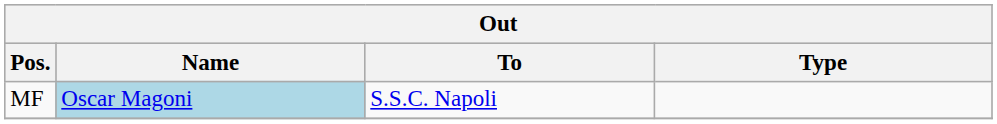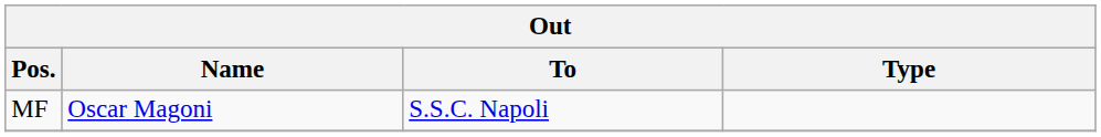 <table class="wikitable" style="font-size:90%;width:99%;">
 <tr>
 <th colspan="4">Out</th>
 </tr>
 <tr>
 <th width=3%>Pos.</th>
 <th width=32%>Name</th>
 <th width=30%>To</th>
 <th width=35%>Type</th>
 </tr>
 <tr>
 <td>MF</td>
-<td style="background: lightblue;"><a href='#'>Oscar Magoni</a></td>
+<td><a href='#'>Oscar Magoni</a></td>
 <td><a href='#'>S.S.C. Napoli</a></td>
 <td></td>
 </tr>
 <tr>
 </tr>
 </table>
